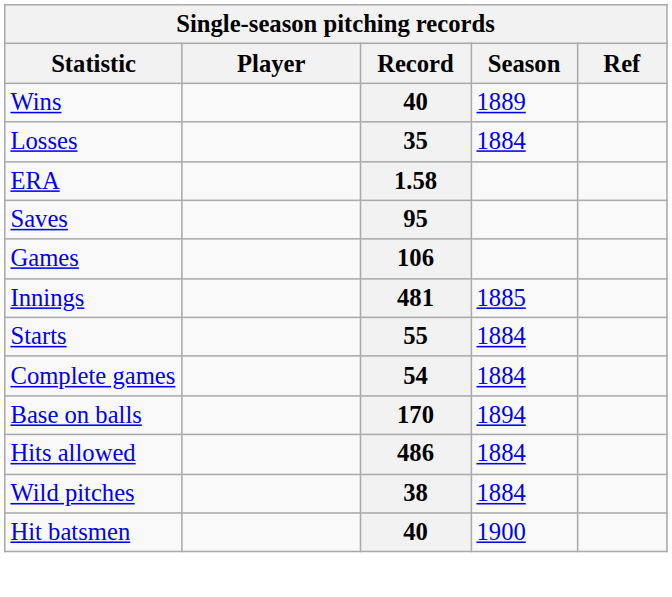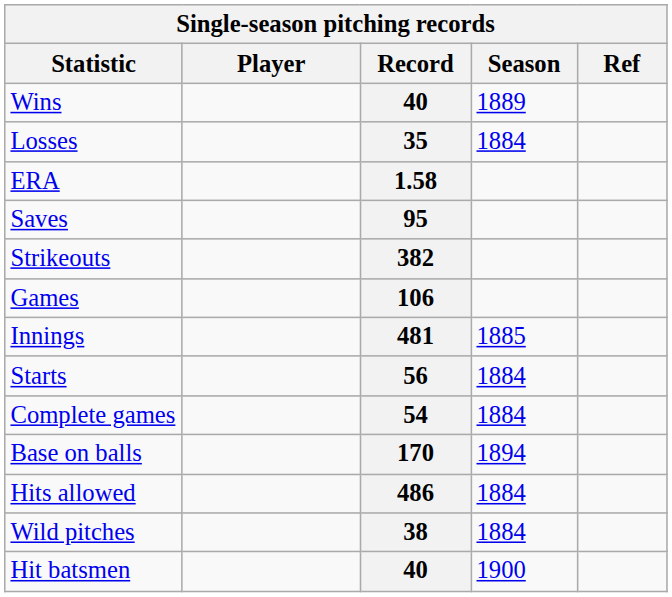 <table class="wikitable" style="text-align:left" width="69%">
 <tr>
 <th colspan=5>Single-season pitching records</th>
 </tr>
 <tr>
 <th scope="col" width=20%>Statistic</th>
 <th scope="col" width=20%>Player</th>
 <th scope="col" width=10% class="unsortable">Record</th>
 <th scope="col" width=10%>Season</th>
 <th scope="col" width=10% class="unsortable">Ref</th>
 </tr>
 <tr>
 <td><a href='#'>Wins</a></td>
 <td></td>
 <th scope="row">40</th>
 <td><a href='#'>1889</a></td>
 <td></td>
 </tr>
 <tr>
 <td><a href='#'>Losses</a></td>
 <td></td>
 <th scope="row">35</th>
 <td><a href='#'>1884</a></td>
 <td></td>
 </tr>
 <tr>
 <td><a href='#'>ERA</a></td>
 <td></td>
 <th scope="row">1.58</th>
 <td></td>
 <td></td>
 </tr>
 <tr>
 <td><a href='#'>Saves</a></td>
 <td></td>
 <th scope="row">95</th>
 <td></td>
 <td></td>
 </tr>
 <tr>
+<td><a href='#'>Strikeouts</a></td>
+<td></td>
+<th scope="row">382</th>
+<td></td>
+<td></td>
+</tr>
+<tr>
 <td><a href='#'>Games</a></td>
 <td></td>
 <th scope="row">106</th>
 <td></td>
 <td></td>
 </tr>
 <tr>
 <td><a href='#'>Innings</a></td>
 <td></td>
 <th scope="row">481</th>
 <td><a href='#'>1885</a></td>
 <td></td>
 </tr>
 <tr>
 <td><a href='#'>Starts</a></td>
 <td></td>
-<th scope="row">55</th>
+<th scope="row">56</th>
 <td><a href='#'>1884</a></td>
 <td></td>
 </tr>
 <tr>
 <td><a href='#'>Complete games</a></td>
 <td></td>
 <th scope="row">54</th>
 <td><a href='#'>1884</a></td>
 <td></td>
 </tr>
 <tr>
 <td><a href='#'>Base on balls</a></td>
 <td></td>
 <th scope="row">170</th>
 <td><a href='#'>1894</a></td>
 <td></td>
 </tr>
 <tr>
 <td><a href='#'>Hits allowed</a></td>
 <td></td>
 <th scope="row">486</th>
 <td><a href='#'>1884</a></td>
 <td></td>
 </tr>
 <tr>
 <td><a href='#'>Wild pitches</a></td>
 <td></td>
 <th scope="row">38</th>
 <td><a href='#'>1884</a></td>
 <td></td>
 </tr>
 <tr>
 <td><a href='#'>Hit batsmen</a></td>
 <td></td>
 <th scope="row">40</th>
 <td><a href='#'>1900</a></td>
 <td></td>
 </tr>
 </table>
